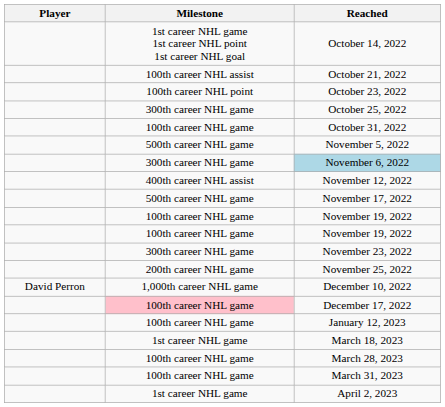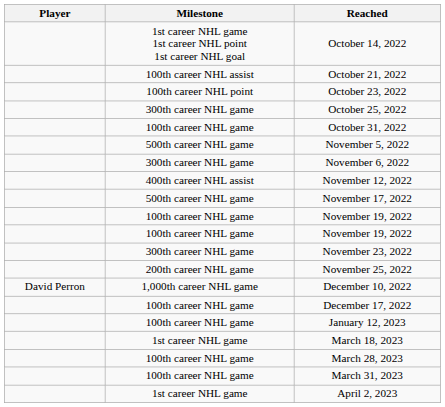 <table class="wikitable sortable" style="width:100%; text-align:center;">
 <tr>
 <th>Player</th>
 <th>Milestone</th>
 <th data-sort-type="date">Reached</th>
 </tr>
 <tr>
 <td></td>
 <td>1st career NHL game<br>1st career NHL point<br>1st career NHL goal</td>
 <td>October 14, 2022</td>
 </tr>
 <tr>
 <td></td>
 <td>100th career NHL assist</td>
 <td>October 21, 2022</td>
 </tr>
 <tr>
 <td></td>
 <td>100th career NHL point</td>
 <td>October 23, 2022</td>
 </tr>
 <tr>
 <td></td>
 <td>300th career NHL game</td>
 <td>October 25, 2022</td>
 </tr>
 <tr>
 <td></td>
 <td>100th career NHL game</td>
 <td>October 31, 2022</td>
 </tr>
 <tr>
 <td></td>
 <td>500th career NHL game</td>
 <td>November 5, 2022</td>
 </tr>
 <tr>
 <td></td>
 <td>300th career NHL game</td>
-<td style="background: lightblue;">November 6, 2022</td>
+<td>November 6, 2022</td>
 </tr>
 <tr>
 <td></td>
 <td>400th career NHL assist</td>
 <td>November 12, 2022</td>
 </tr>
 <tr>
 <td></td>
 <td>500th career NHL game</td>
 <td>November 17, 2022</td>
 </tr>
 <tr>
 <td></td>
 <td>100th career NHL game</td>
 <td>November 19, 2022</td>
 </tr>
 <tr>
 <td></td>
 <td>100th career NHL game</td>
 <td>November 19, 2022</td>
 </tr>
 <tr>
 <td></td>
 <td>300th career NHL game</td>
 <td>November 23, 2022</td>
 </tr>
 <tr>
 <td></td>
 <td>200th career NHL game</td>
 <td>November 25, 2022</td>
 </tr>
 <tr>
 <td>David Perron</td>
 <td>1,000th career NHL game</td>
 <td>December 10, 2022</td>
 </tr>
 <tr>
 <td></td>
-<td style="background: pink;">100th career NHL game</td>
+<td>100th career NHL game</td>
 <td>December 17, 2022</td>
 </tr>
 <tr>
 <td></td>
 <td>100th career NHL game</td>
 <td>January 12, 2023</td>
 </tr>
 <tr>
 <td></td>
 <td>1st career NHL game</td>
 <td>March 18, 2023</td>
 </tr>
 <tr>
 <td></td>
 <td>100th career NHL game</td>
 <td>March 28, 2023</td>
 </tr>
 <tr>
 <td></td>
 <td>100th career NHL game</td>
 <td>March 31, 2023</td>
 </tr>
 <tr>
 <td></td>
 <td>1st career NHL game</td>
 <td>April 2, 2023</td>
 </tr>
 </table>
